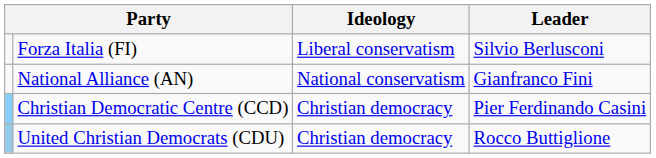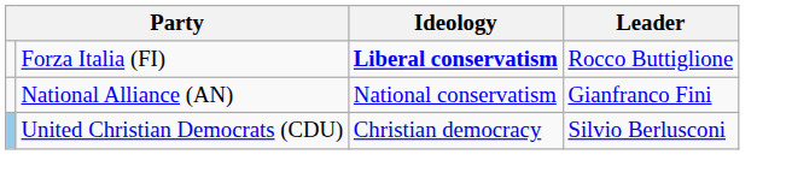 <table class=wikitable style=text-align:left>
 <tr>
 <th colspan=2>Party</th>
 <th>Ideology</th>
 <th>Leader</th>
 </tr>
 <tr>
 <td></td>
 <td><a href='#'>Forza Italia</a> (FI)</td>
-<td><a href='#'>Liberal conservatism</a></td>
-<td><a href='#'>Silvio Berlusconi</a></td>
+<td><strong><a href='#'>Liberal conservatism</a></strong></td>
+<td><a href='#'>Rocco Buttiglione</a></td>
 </tr>
 <tr>
 <td></td>
 <td><a href='#'>National Alliance</a> (AN)</td>
 <td><a href='#'>National conservatism</a></td>
 <td><a href='#'>Gianfranco Fini</a></td>
 </tr>
 <tr>
-<td bgcolor="#87cefa"></td>
-<td><a href='#'>Christian Democratic Centre</a> (CCD)</td>
-<td><a href='#'>Christian democracy</a></td>
-<td><a href='#'>Pier Ferdinando Casini</a></td>
-</tr>
-<tr>
 <td bgcolor="#93ccea"></td>
 <td><a href='#'>United Christian Democrats</a> (CDU)</td>
 <td><a href='#'>Christian democracy</a></td>
-<td><a href='#'>Rocco Buttiglione</a></td>
+<td><a href='#'>Silvio Berlusconi</a></td>
 </tr>
 </table>
